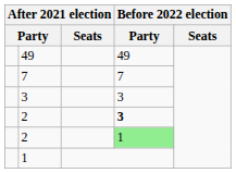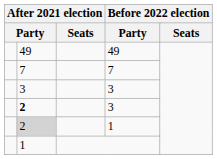 <table class="wikitable">
 <tr>
 <th colspan="3">After 2021 election</th>
 <th colspan="3">Before 2022 election</th>
 </tr>
 <tr>
 <th colspan="2">Party</th>
 <th>Seats</th>
 <th colspan="2">Party</th>
 <th>Seats</th>
 </tr>
 <tr>
 <td></td>
 <td>49</td>
 <td></td>
 <td>49</td>
 </tr>
 <tr>
 <td></td>
 <td>7</td>
 <td></td>
 <td>7</td>
 </tr>
 <tr>
 <td></td>
 <td>3</td>
 <td></td>
 <td>3</td>
 </tr>
 <tr>
 <td></td>
-<td>2</td>
+<td><strong>2</strong></td>
 <td></td>
-<td><strong>3</strong></td>
+<td>3</td>
 </tr>
 <tr>
 <td></td>
-<td>2</td>
+<td style="background: lightgrey;">2</td>
 <td></td>
-<td style="background: lightgreen;">1</td>
+<td>1</td>
 </tr>
 <tr>
 <td></td>
 <td>1</td>
 <td colspan = "3"></td>
 </tr>
 </table>
